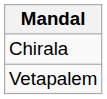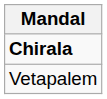 <table class="wikitable sortable static-row-numbers static-row-header-hash">
 <tr>
 <th>Mandal</th>
 </tr>
 <tr>
-<td>Chirala</td>
+<td><strong>Chirala</strong></td>
 </tr>
 <tr>
 <td>Vetapalem</td>
 </tr>
 </table>
